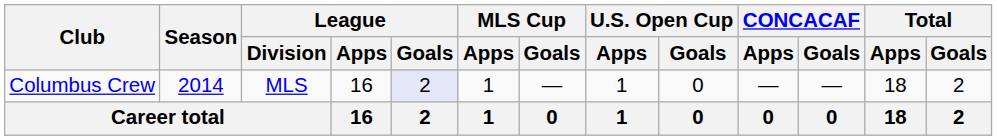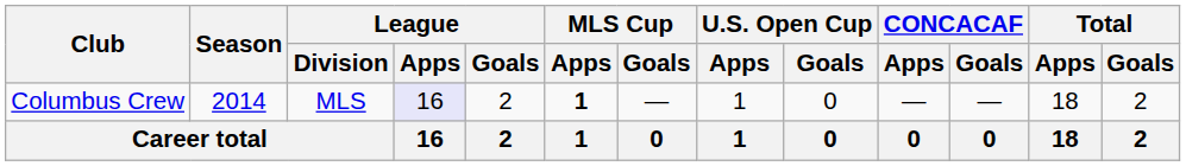 <table class="wikitable" style="text-align: center;">
 <tr>
 <th rowspan="2">Club</th>
 <th rowspan="2">Season</th>
 <th colspan="3">League</th>
 <th colspan="2">MLS Cup</th>
 <th colspan="2">U.S. Open Cup</th>
 <th colspan="2"><a href='#'>CONCACAF</a></th>
 <th colspan="2">Total</th>
 </tr>
 <tr>
 <th>Division</th>
 <th>Apps</th>
 <th>Goals</th>
 <th>Apps</th>
 <th>Goals</th>
 <th>Apps</th>
 <th>Goals</th>
 <th>Apps</th>
 <th>Goals</th>
 <th>Apps</th>
 <th>Goals</th>
 </tr>
 <tr>
 <td rowspan="1"><a href='#'>Columbus Crew</a></td>
 <td><a href='#'>2014</a></td>
 <td><a href='#'>MLS</a></td>
-<td>16</td>
-<td style="background: lavender;">2</td>
-<td>1</td>
+<td style="background: lavender;">16</td>
+<td>2</td>
+<td><strong>1</strong></td>
 <td>—</td>
 <td>1</td>
 <td>0</td>
 <td>—</td>
 <td>—</td>
 <td>18</td>
 <td>2</td>
 </tr>
 <tr>
 <th colspan="3">Career total</th>
 <th>16</th>
 <th>2</th>
 <th>1</th>
 <th>0</th>
 <th>1</th>
 <th>0</th>
 <th>0</th>
 <th>0</th>
 <th>18</th>
 <th>2</th>
 </tr>
 </table>
